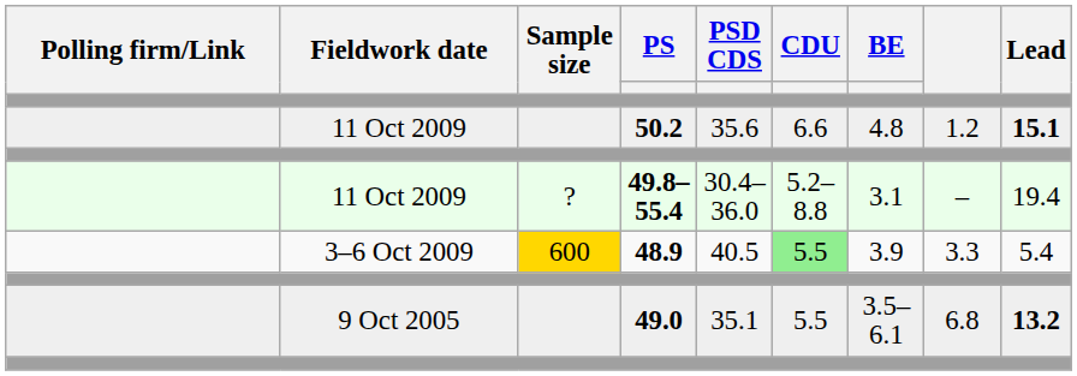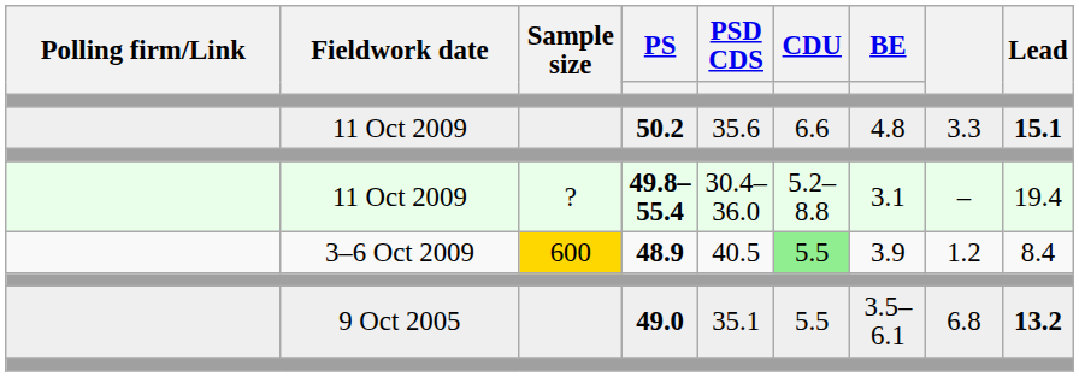 <table class="wikitable collapsible sortable" style="text-align:center; font-size:95%; line-height:16px;">
 <tr style="height:42px;">
 <th style="width:145px;" rowspan="2">Polling firm/Link</th>
 <th style="width:125px;" rowspan="2">Fieldwork date</th>
 <th class="unsortable" style="width:50px;" rowspan="2">Sample size</th>
 <th class="unsortable" style="width:35px;"><a href='#'>PS</a></th>
 <th class="unsortable" style="width:35px;"><a href='#'>PSD</a><br><a href='#'>CDS</a></th>
 <th class="unsortable" style="width:35px;"><a href='#'>CDU</a></th>
 <th class="unsortable" style="width:35px;"><a href='#'>BE</a></th>
 <th class="unsortable" style="width:35px;" rowspan="2"></th>
 <th class="unsortable" style="width:30px;" rowspan="2">Lead</th>
 </tr>
 <tr>
 <th class="unsortable" style="color:inherit;background:"></th>
 <th class="unsortable" style="color:inherit;background:"></th>
 <th class="unsortable" style="color:inherit;background:"></th>
 <th class="unsortable" style="color:inherit;background:"></th>
 </tr>
 <tr>
 <td colspan="13" style="background:#A0A0A0"></td>
 </tr>
 <tr style="background:#EFEFEF;">
 <td><strong></strong></td>
 <td data-sort-value="2019-10-06">11 Oct 2009</td>
 <td></td>
 <td><strong>50.2</strong><br></td>
 <td>35.6<br></td>
 <td>6.6<br></td>
 <td>4.8<br></td>
-<td align="center">1.2</td>
+<td>3.3</td>
 <td style="background:"><strong>15.1</strong></td>
 </tr>
 <tr>
 <td colspan="13" style="background:#A0A0A0"></td>
 </tr>
 <tr>
 </tr>
 <tr style="background:#EAFFEA"|>
 <td></td>
 <td data-sort-value="2019-10-06">11 Oct 2009</td>
 <td>?</td>
 <td><strong>49.8–<br>55.4</strong></td>
 <td>30.4–<br>36.0</td>
 <td>5.2–<br>8.8</td>
 <td>3.1<br></td>
 <td>–</td>
 <td style="background:">19.4</td>
 </tr>
 <tr>
 <td align="center"></td>
 <td align="center">3–6 Oct 2009</td>
 <td style="background: gold;">600</td>
 <td align="center" ><strong>48.9</strong></td>
 <td align="center">40.5</td>
 <td align="center" style="background: lightgreen;">5.5</td>
 <td align="center">3.9</td>
-<td>3.3</td>
-<td style="background:">5.4</td>
+<td align="center">1.2</td>
+<td style="background:">8.4</td>
 </tr>
 <tr>
 <td colspan="13" style="background:#A0A0A0"></td>
 </tr>
 <tr style="background:#EFEFEF;">
 <td><strong></strong></td>
 <td data-sort-value="2019-10-06">9 Oct 2005</td>
 <td></td>
 <td><strong>49.0</strong><br></td>
 <td>35.1<br></td>
 <td>5.5<br></td>
 <td>3.5–<br>6.1</td>
 <td>6.8<br></td>
 <td style="background:"><strong>13.2</strong></td>
 </tr>
 <tr>
 <td colspan="13" style="background:#A0A0A0"></td>
 </tr>
 <tr>
 </tr>
 </table>
